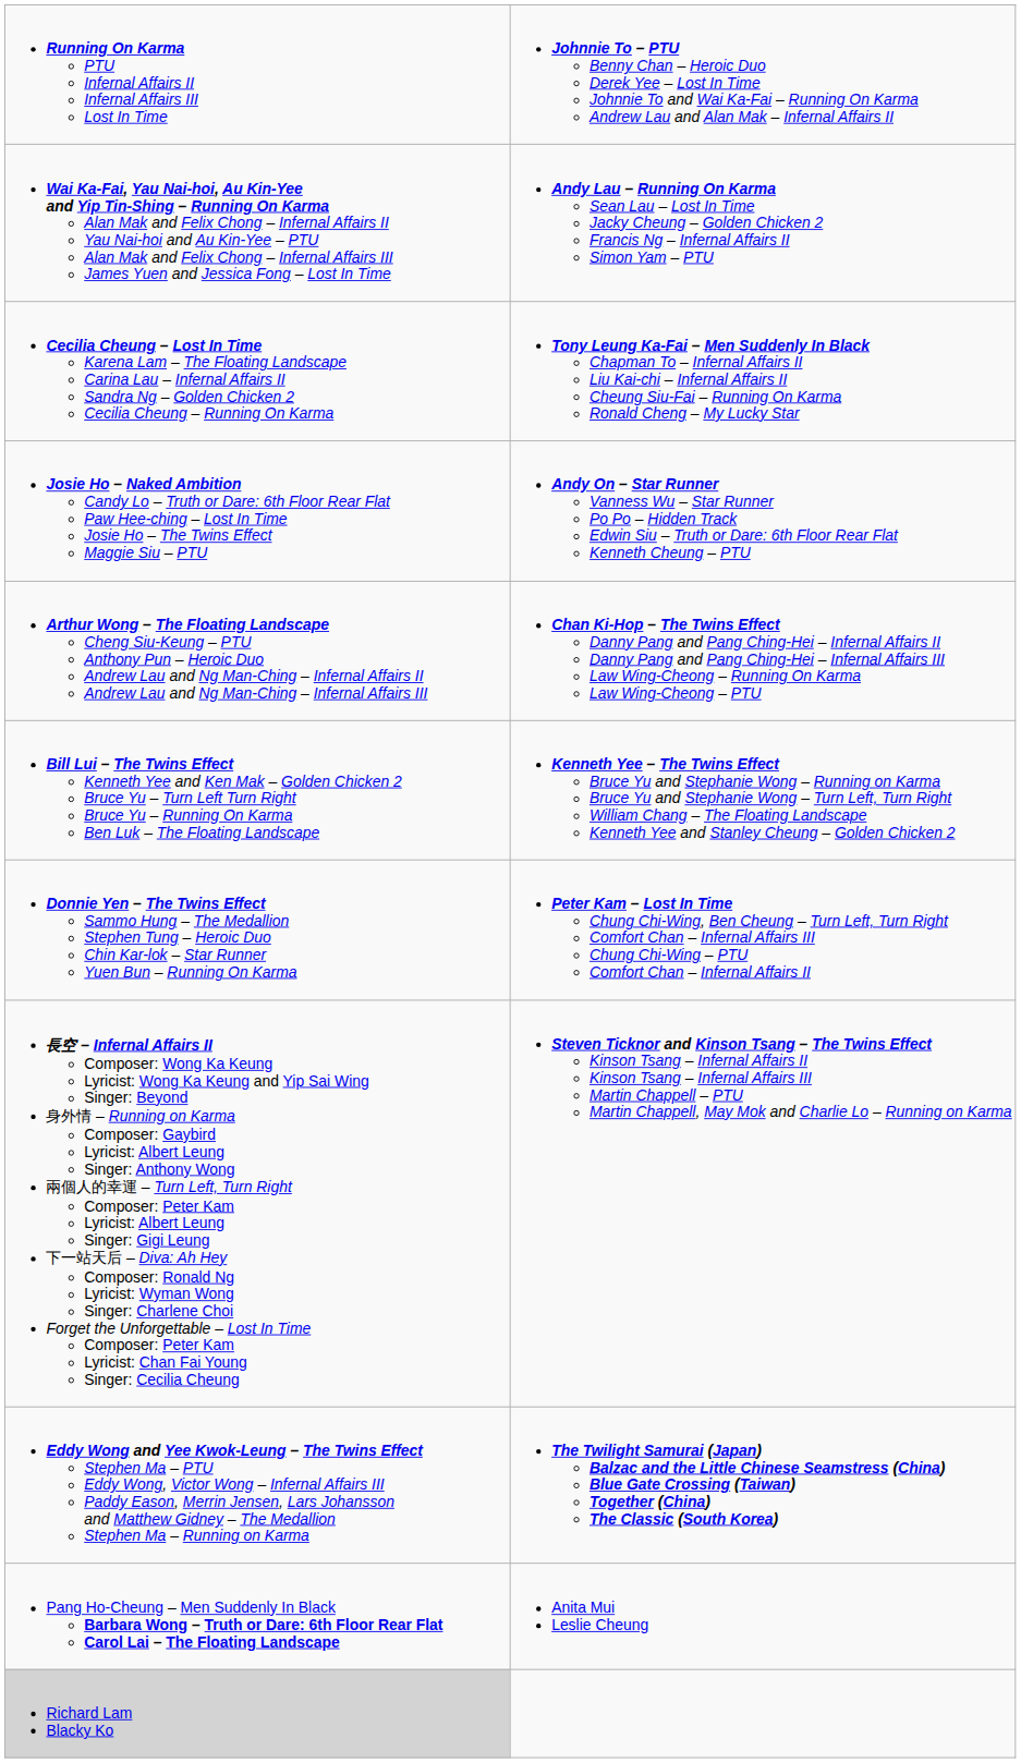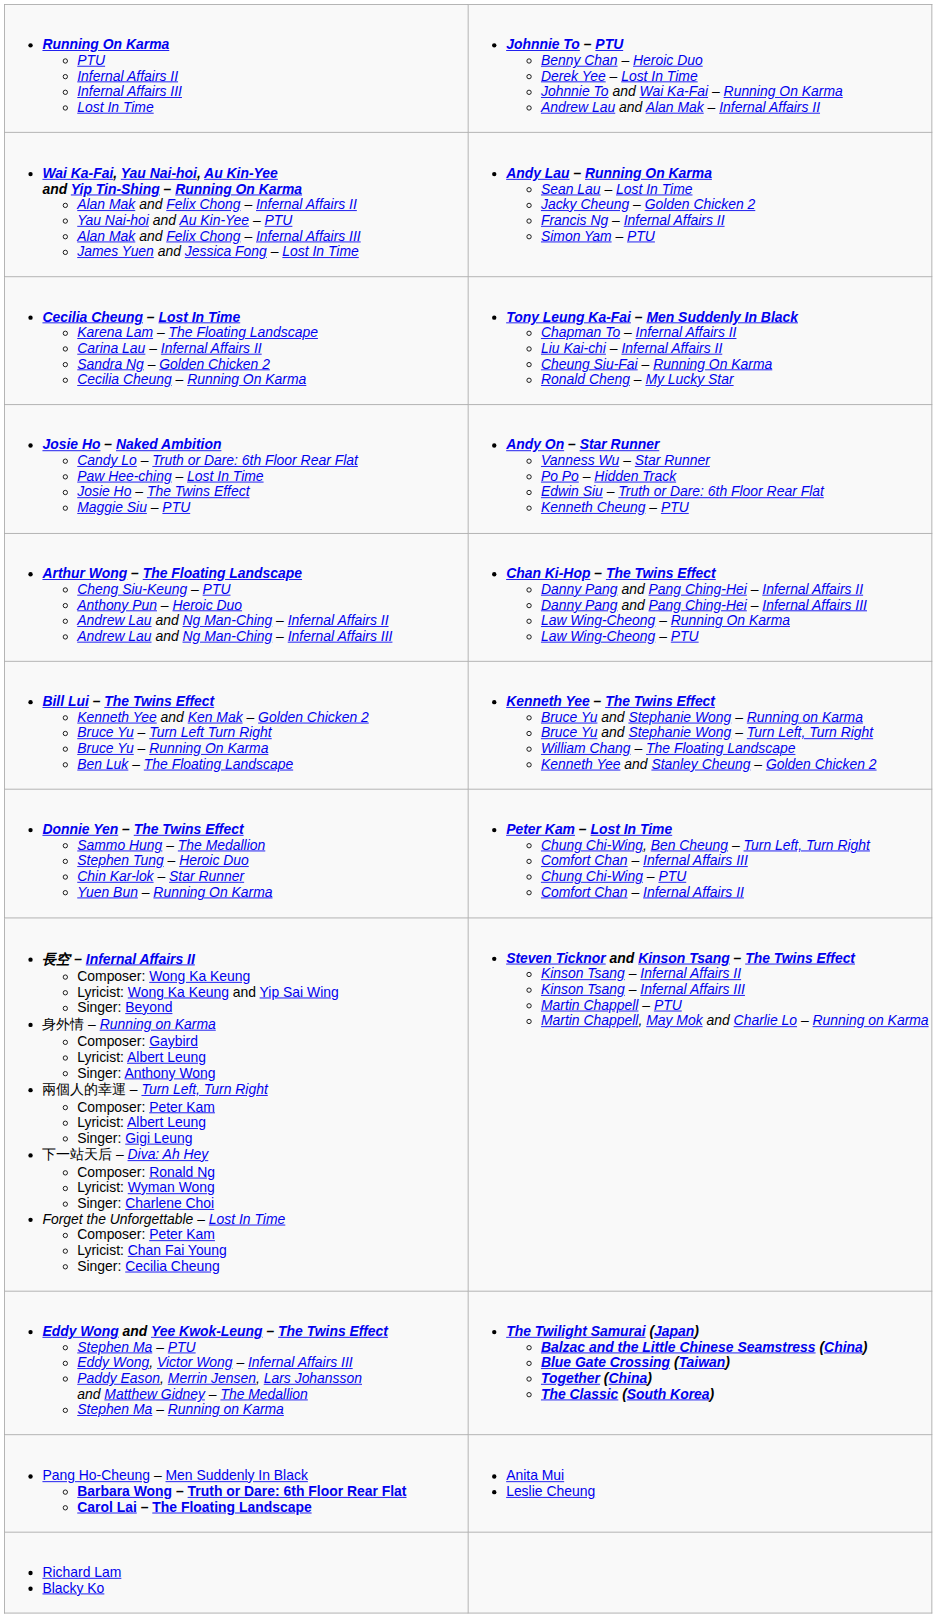 <table class=wikitable>
 <tr>
 <td valign="top" width="50%"><br><ul><li><strong><em><a href='#'>Running On Karma</a></em></strong><ul><li><em><a href='#'>PTU</a></em></li><li><em><a href='#'>Infernal Affairs II</a></em></li><li><em><a href='#'>Infernal Affairs III</a></em></li><li><em><a href='#'>Lost In Time</a></em></li></ul></li></ul></td>
 <td valign="top" width="50%"><br><ul><li><strong><em><a href='#'>Johnnie To</a> – <a href='#'>PTU</a></em></strong><ul><li><em><a href='#'>Benny Chan</a> – <a href='#'>Heroic Duo</a></em></li><li><em><a href='#'>Derek Yee</a> – <a href='#'>Lost In Time</a></em></li><li><em><a href='#'>Johnnie To</a> and <a href='#'>Wai Ka-Fai</a> – <a href='#'>Running On Karma</a></em></li><li><em><a href='#'>Andrew Lau</a> and <a href='#'>Alan Mak</a> – <a href='#'>Infernal Affairs II</a></em></li></ul></li></ul></td>
 </tr>
 <tr>
 <td valign="top" width="50%"><br><ul><li><strong><em><a href='#'>Wai Ka-Fai</a>, <a href='#'>Yau Nai-hoi</a>, <a href='#'>Au Kin-Yee</a> <br> and <a href='#'>Yip Tin-Shing</a> – <a href='#'>Running On Karma</a></em></strong><ul><li><em><a href='#'>Alan Mak</a> and <a href='#'>Felix Chong</a> – <a href='#'>Infernal Affairs II</a></em></li><li><em><a href='#'>Yau Nai-hoi</a> and <a href='#'>Au Kin-Yee</a> – <a href='#'>PTU</a></em></li><li><em><a href='#'>Alan Mak</a> and <a href='#'>Felix Chong</a> – <a href='#'>Infernal Affairs III</a></em></li><li><em><a href='#'>James Yuen</a> and <a href='#'>Jessica Fong</a> – <a href='#'>Lost In Time</a></em></li></ul></li></ul></td>
 <td valign="top" width="50%"><br><ul><li><strong><em><a href='#'>Andy Lau</a> – <a href='#'>Running On Karma</a></em></strong><ul><li><em><a href='#'>Sean Lau</a> – <a href='#'>Lost In Time</a></em></li><li><em><a href='#'>Jacky Cheung</a> – <a href='#'>Golden Chicken 2</a></em></li><li><em><a href='#'>Francis Ng</a> – <a href='#'>Infernal Affairs II</a></em></li><li><em><a href='#'>Simon Yam</a> – <a href='#'>PTU</a></em></li></ul></li></ul></td>
 </tr>
 <tr>
 <td valign="top" width="50%"><br><ul><li><strong><em><a href='#'>Cecilia Cheung</a> – <a href='#'>Lost In Time</a></em></strong><ul><li><em><a href='#'>Karena Lam</a> – <a href='#'>The Floating Landscape</a></em></li><li><em><a href='#'>Carina Lau</a> – <a href='#'>Infernal Affairs II</a></em></li><li><em><a href='#'>Sandra Ng</a> – <a href='#'>Golden Chicken 2</a></em></li><li><em><a href='#'>Cecilia Cheung</a> – <a href='#'>Running On Karma</a></em></li></ul></li></ul></td>
 <td valign="top" width="50%"><br><ul><li><strong><em><a href='#'>Tony Leung Ka-Fai</a> – <a href='#'>Men Suddenly In Black</a></em></strong><ul><li><em><a href='#'>Chapman To</a> – <a href='#'>Infernal Affairs II</a></em></li><li><em><a href='#'>Liu Kai-chi</a> – <a href='#'>Infernal Affairs II</a></em></li><li><em><a href='#'>Cheung Siu-Fai</a> – <a href='#'>Running On Karma</a></em></li><li><em><a href='#'>Ronald Cheng</a> – <a href='#'>My Lucky Star</a></em></li></ul></li></ul></td>
 </tr>
 <tr>
 <td valign="top" width="50%"><br><ul><li><strong><em><a href='#'>Josie Ho</a> – <a href='#'>Naked Ambition</a></em></strong><ul><li><em><a href='#'>Candy Lo</a> – <a href='#'>Truth or Dare: 6th Floor Rear Flat</a></em></li><li><em><a href='#'>Paw Hee-ching</a> – <a href='#'>Lost In Time</a></em></li><li><em><a href='#'>Josie Ho</a> – <a href='#'>The Twins Effect</a></em></li><li><em><a href='#'>Maggie Siu</a> – <a href='#'>PTU</a></em></li></ul></li></ul></td>
 <td valign="top" width="50%"><br><ul><li><strong><em><a href='#'>Andy On</a> – <a href='#'>Star Runner</a></em></strong><ul><li><em><a href='#'>Vanness Wu</a> – <a href='#'>Star Runner</a></em></li><li><em><a href='#'>Po Po</a> – <a href='#'>Hidden Track</a></em></li><li><em><a href='#'>Edwin Siu</a> – <a href='#'>Truth or Dare: 6th Floor Rear Flat</a></em></li><li><em><a href='#'>Kenneth Cheung</a> – <a href='#'>PTU</a></em></li></ul></li></ul></td>
 </tr>
 <tr>
 <td valign="top" width="50%"><br><ul><li><strong><em><a href='#'>Arthur Wong</a> – <a href='#'>The Floating Landscape</a></em></strong><ul><li><em><a href='#'>Cheng Siu-Keung</a> – <a href='#'>PTU</a></em></li><li><em><a href='#'>Anthony Pun</a> – <a href='#'>Heroic Duo</a></em></li><li><em><a href='#'>Andrew Lau</a> and <a href='#'>Ng Man-Ching</a> – <a href='#'>Infernal Affairs II</a></em></li><li><em><a href='#'>Andrew Lau</a> and <a href='#'>Ng Man-Ching</a> – <a href='#'>Infernal Affairs III</a></em></li></ul></li></ul></td>
 <td valign="top" width="50%"><br><ul><li><strong><em><a href='#'>Chan Ki-Hop</a> – <a href='#'>The Twins Effect</a></em></strong><ul><li><em><a href='#'>Danny Pang</a> and <a href='#'>Pang Ching-Hei</a> – <a href='#'>Infernal Affairs II</a></em></li><li><em><a href='#'>Danny Pang</a> and <a href='#'>Pang Ching-Hei</a> – <a href='#'>Infernal Affairs III</a></em></li><li><em><a href='#'>Law Wing-Cheong</a> – <a href='#'>Running On Karma</a></em></li><li><em><a href='#'>Law Wing-Cheong</a> – <a href='#'>PTU</a></em></li></ul></li></ul></td>
 </tr>
 <tr>
 <td valign="top" width="50%"><br><ul><li><strong><em><a href='#'>Bill Lui</a> – <a href='#'>The Twins Effect</a></em></strong><ul><li><em><a href='#'>Kenneth Yee</a> and <a href='#'>Ken Mak</a> – <a href='#'>Golden Chicken 2</a></em></li><li><em><a href='#'>Bruce Yu</a> – <a href='#'>Turn Left Turn Right</a></em></li><li><em><a href='#'>Bruce Yu</a> – <a href='#'>Running On Karma</a></em></li><li><em><a href='#'>Ben Luk</a> – <a href='#'>The Floating Landscape</a></em></li></ul></li></ul></td>
 <td valign="top" width="50%"><br><ul><li><strong><em><a href='#'>Kenneth Yee</a> – <a href='#'>The Twins Effect</a></em></strong><ul><li><em><a href='#'>Bruce Yu</a> and <a href='#'>Stephanie Wong</a> – <a href='#'>Running on Karma</a></em></li><li><em><a href='#'>Bruce Yu</a> and <a href='#'>Stephanie Wong</a> – <a href='#'>Turn Left, Turn Right</a></em></li><li><em><a href='#'>William Chang</a> – <a href='#'>The Floating Landscape</a></em></li><li><em><a href='#'>Kenneth Yee</a> and <a href='#'>Stanley Cheung</a> – <a href='#'>Golden Chicken 2</a></em></li></ul></li></ul></td>
 </tr>
 <tr>
 <td valign="top" width="50%"><br><ul><li><strong><em><a href='#'>Donnie Yen</a> – <a href='#'>The Twins Effect</a></em></strong><ul><li><em><a href='#'>Sammo Hung</a> – <a href='#'>The Medallion</a></em></li><li><em><a href='#'>Stephen Tung</a> – <a href='#'>Heroic Duo</a></em></li><li><em><a href='#'>Chin Kar-lok</a> – <a href='#'>Star Runner</a></em></li><li><em><a href='#'>Yuen Bun</a> – <a href='#'>Running On Karma</a></em></li></ul></li></ul></td>
 <td valign="top" width="50%"><br><ul><li><strong><em><a href='#'>Peter Kam</a> – <a href='#'>Lost In Time</a></em></strong><ul><li><em><a href='#'>Chung Chi-Wing</a>, <a href='#'>Ben Cheung</a> – <a href='#'>Turn Left, Turn Right</a></em></li><li><em><a href='#'>Comfort Chan</a> – <a href='#'>Infernal Affairs III</a></em></li><li><em><a href='#'>Chung Chi-Wing</a> – <a href='#'>PTU</a></em></li><li><em><a href='#'>Comfort Chan</a> – <a href='#'>Infernal Affairs II</a></em></li></ul></li></ul></td>
 </tr>
 <tr>
 <td valign="top" width="50%"><br><ul><li><strong><em>長空 – <a href='#'>Infernal Affairs II</a></em></strong><ul><li>Composer: <a href='#'>Wong Ka Keung</a></li><li>Lyricist: <a href='#'>Wong Ka Keung</a> and <a href='#'>Yip Sai Wing</a></li><li>Singer: <a href='#'>Beyond</a></li></ul></li><li>身外情 – <em><a href='#'>Running on Karma</a></em><ul><li>Composer: <a href='#'>Gaybird</a></li><li>Lyricist: <a href='#'>Albert Leung</a></li><li>Singer: <a href='#'>Anthony Wong</a></li></ul></li><li>兩個人的幸運 – <em><a href='#'>Turn Left, Turn Right</a></em><ul><li>Composer: <a href='#'>Peter Kam</a></li><li>Lyricist: <a href='#'>Albert Leung</a></li><li>Singer: <a href='#'>Gigi Leung</a></li></ul></li><li>下一站天后 – <em><a href='#'>Diva: Ah Hey</a></em><ul><li>Composer: <a href='#'>Ronald Ng</a></li><li>Lyricist: <a href='#'>Wyman Wong</a></li><li>Singer: <a href='#'>Charlene Choi</a></li></ul></li><li><em>Forget the Unforgettable</em> – <em><a href='#'>Lost In Time</a></em><ul><li>Composer: <a href='#'>Peter Kam</a></li><li>Lyricist: <a href='#'>Chan Fai Young</a></li><li>Singer: <a href='#'>Cecilia Cheung</a></li></ul></li></ul></td>
 <td valign="top" width="50%"><br><ul><li><strong><em><a href='#'>Steven Ticknor</a> and <a href='#'>Kinson Tsang</a> – <a href='#'>The Twins Effect</a></em></strong><ul><li><em><a href='#'>Kinson Tsang</a> – <a href='#'>Infernal Affairs II</a></em></li><li><em><a href='#'>Kinson Tsang</a> – <a href='#'>Infernal Affairs III</a></em></li><li><em><a href='#'>Martin Chappell</a> – <a href='#'>PTU</a></em></li><li><em><a href='#'>Martin Chappell</a>, <a href='#'>May Mok</a> and <a href='#'>Charlie Lo</a> – <a href='#'>Running on Karma</a></em></li></ul></li></ul></td>
 </tr>
 <tr>
 <td valign="top" width="50%"><br><ul><li><strong><em><a href='#'>Eddy Wong</a> and <a href='#'>Yee Kwok-Leung</a> – <a href='#'>The Twins Effect</a></em></strong><ul><li><em><a href='#'>Stephen Ma</a> – <a href='#'>PTU</a></em></li><li><em><a href='#'>Eddy Wong</a>, <a href='#'>Victor Wong</a> – <a href='#'>Infernal Affairs III</a></em></li><li><em><a href='#'>Paddy Eason</a>, <a href='#'>Merrin Jensen</a>, <a href='#'>Lars Johansson</a> <br> and <a href='#'>Matthew Gidney</a> – <a href='#'>The Medallion</a></em></li><li><em><a href='#'>Stephen Ma</a> – <a href='#'>Running on Karma</a></em></li></ul></li></ul></td>
 <td valign="top" width="50%"><br><ul><li><strong><em><a href='#'>The Twilight Samurai</a><em> (<a href='#'>Japan</a>)<strong><ul><li></em><a href='#'>Balzac and the Little Chinese Seamstress</a><em> (<a href='#'>China</a>)</li><li></em><a href='#'>Blue Gate Crossing</a><em> (<a href='#'>Taiwan</a>)</li><li></em><a href='#'>Together</a><em> (<a href='#'>China</a>)</li><li></em><a href='#'>The Classic</a><em> (<a href='#'>South Korea</a>)</li></ul></li></ul></td>
 </tr>
 <tr>
 <td valign="top" width="50%"><br><ul><li></em></strong><a href='#'>Pang Ho-Cheung</a> – <a href='#'>Men Suddenly In Black</a><strong><em><ul><li></em><a href='#'>Barbara Wong</a> – <a href='#'>Truth or Dare: 6th Floor Rear Flat</a><em></li><li></em><a href='#'>Carol Lai</a> – <a href='#'>The Floating Landscape</a><em></li></ul></li></ul></td>
 <td valign="top" width="50%"><br><ul><li></em></strong><a href='#'>Anita Mui</a><strong><em></li><li></em></strong><a href='#'>Leslie Cheung</a><strong><em></li></ul></td>
 </tr>
 <tr>
-<td valign="top" width="50%" style="background: lightgrey;"><br><ul><li></em></strong><a href='#'>Richard Lam</a><strong><em></li><li></em></strong><a href='#'>Blacky Ko</a><strong><em></li></ul></td>
+<td valign="top" width="50%"><br><ul><li></em></strong><a href='#'>Richard Lam</a><strong><em></li><li></em></strong><a href='#'>Blacky Ko</a><strong><em></li></ul></td>
 </tr>
 </table>
